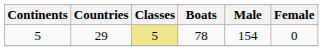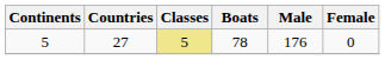 <table class="wikitable">
 <tr>
 <th width=50>Continents</th>
 <th width=50>Countries</th>
 <th width=50>Classes</th>
 <th width=50>Boats</th>
 <th width=50>Male</th>
 <th width=50>Female</th>
 </tr>
 <tr>
 <td align="center">5</td>
-<td align="center">29</td>
+<td align="center">27</td>
 <td align="center" style="background: khaki;">5</td>
 <td align="center">78</td>
-<td align="center">154</td>
+<td align="center">176</td>
 <td align="center">0</td>
 </tr>
 <tr>
 </tr>
 </table>
